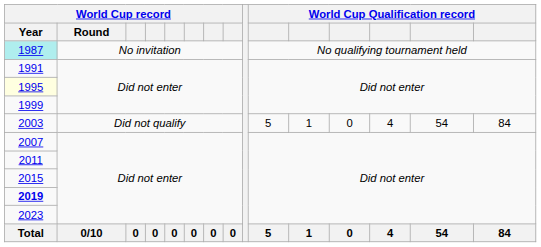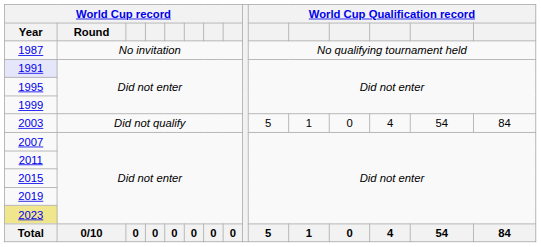 <table class="wikitable" style="text-align: center; font-size: 87%;">
 <tr>
 <th colspan=8><a href='#'>World Cup record</a></th>
 <th style="width:1%;" rowspan="25"></th>
 <th colspan=6><a href='#'>World Cup Qualification record</a></th>
 </tr>
 <tr>
 <th>Year</th>
 <th>Round</th>
 <th></th>
 <th></th>
 <th></th>
 <th></th>
 <th></th>
 <th></th>
 <th></th>
 <th></th>
 <th></th>
 <th></th>
 <th></th>
 <th></th>
 </tr>
 <tr>
-<td style="background: paleturquoise;"> <a href='#'>1987</a></td>
+<td> <a href='#'>1987</a></td>
 <td colspan=7><em>No invitation</em></td>
 <td colspan=6><em>No qualifying tournament held</em></td>
 </tr>
 <tr>
-<td> <a href='#'>1991</a></td>
+<td style="background: lavender;"> <a href='#'>1991</a></td>
 <td colspan=7 rowspan=3><em>Did not enter</em></td>
 <td colspan=6 rowspan=3><em>Did not enter</em></td>
 </tr>
 <tr>
-<td style="background: lightyellow;"> <a href='#'>1995</a></td>
+<td> <a href='#'>1995</a></td>
 </tr>
 <tr>
 <td> <a href='#'>1999</a></td>
 </tr>
 <tr>
 <td> <a href='#'>2003</a></td>
 <td colspan=7><em>Did not qualify</em></td>
 <td>5</td>
 <td>1</td>
 <td>0</td>
 <td>4</td>
 <td>54</td>
 <td>84</td>
 </tr>
 <tr>
 <td> <a href='#'>2007</a></td>
 <td colspan=7 rowspan=5><em>Did not enter</em></td>
 <td colspan=6 rowspan=5><em>Did not enter</em></td>
 </tr>
 <tr>
 <td> <a href='#'>2011</a></td>
 </tr>
 <tr>
 <td> <a href='#'>2015</a></td>
 </tr>
 <tr>
-<td><strong> <a href='#'>2019</a></strong></td>
+<td> <a href='#'>2019</a></td>
 </tr>
 <tr>
-<td> <a href='#'>2023</a></td>
+<td style="background: khaki;"> <a href='#'>2023</a></td>
 </tr>
 <tr>
 <th>Total</th>
 <th>0/10</th>
 <th>0</th>
 <th>0</th>
 <th>0</th>
 <th>0</th>
 <th>0</th>
 <th>0</th>
 <th>5</th>
 <th>1</th>
 <th>0</th>
 <th>4</th>
 <th>54</th>
 <th>84</th>
 </tr>
 </table>
